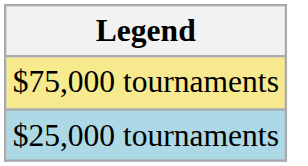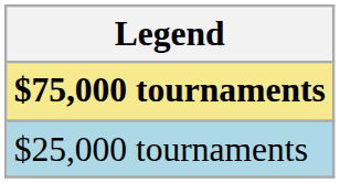 <table class="wikitable" style="font-size:85%">
 <tr>
 <th>Legend</th>
 </tr>
 <tr style="background:#f7e98e;">
-<td>$75,000  tournaments</td>
+<td><strong>$75,000  tournaments</strong></td>
 </tr>
 <tr style="background:lightblue;">
 <td>$25,000 tournaments</td>
 </tr>
 </table>
